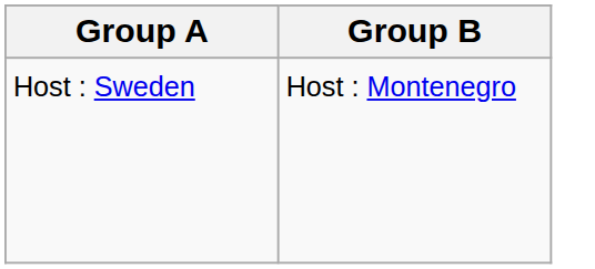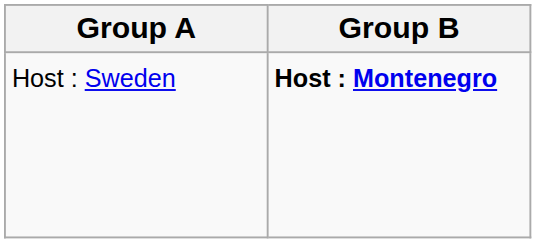 <table class="wikitable">
 <tr>
 <th width=45%>Group A</th>
 <th width=45%>Group B</th>
 </tr>
 <tr>
 <td><small>Host : <a href='#'>Sweden</a></small><br> <br>  <br>  <br>  <br></td>
-<td><small>Host : <a href='#'>Montenegro</a></small><br> <br>  <br>  <br>  <br></td>
+<td><strong><small>Host : <a href='#'>Montenegro</a></small><br> <br>  <br>  <br>  <br></strong></td>
 </tr>
 </table>
